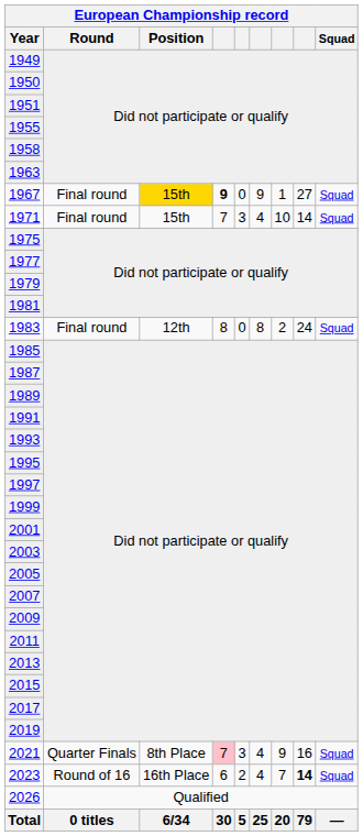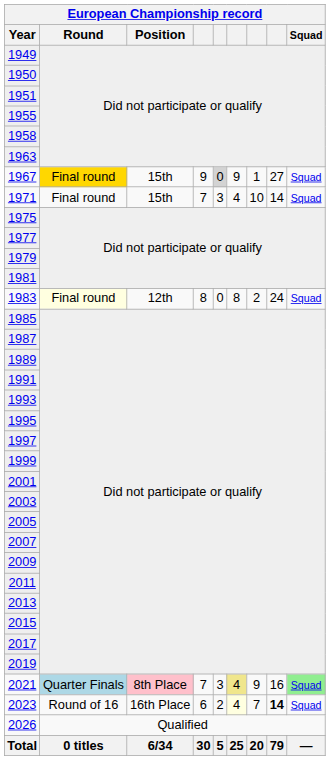 <table class="wikitable" style="text-align: center;">
 <tr>
 <th colspan=9><a href='#'>European Championship record</a></th>
 </tr>
 <tr>
 <th>Year</th>
 <th>Round</th>
 <th>Position</th>
 <th></th>
 <th></th>
 <th></th>
 <th></th>
 <th></th>
 <th><small>Squad</small></th>
 </tr>
 <tr bgcolor="efefef">
 <td> <a href='#'>1949</a></td>
 <td colspan=8 rowspan=6 align=center>Did not participate or qualify</td>
 </tr>
 <tr bgcolor="efefef">
 <td> <a href='#'>1950</a></td>
 </tr>
 <tr bgcolor="efefef">
 <td> <a href='#'>1951</a></td>
 </tr>
 <tr bgcolor="efefef">
 <td> <a href='#'>1955</a></td>
 </tr>
 <tr bgcolor="efefef">
 <td> <a href='#'>1958</a></td>
 </tr>
 <tr bgcolor="efefef">
 <td> <a href='#'>1963</a></td>
 </tr>
 <tr>
 <td> <a href='#'>1967</a></td>
-<td>Final round</td>
-<td style="background: gold;">15th</td>
-<td><strong>9</strong></td>
-<td>0</td>
+<td style="background: gold;">Final round</td>
+<td>15th</td>
+<td>9</td>
+<td style="background: lightgrey;">0</td>
 <td>9</td>
 <td>1</td>
 <td>27</td>
 <td><small><a href='#'>Squad</a></small></td>
 </tr>
 <tr>
 <td> <a href='#'>1971</a></td>
 <td>Final round</td>
 <td>15th</td>
 <td>7</td>
 <td>3</td>
 <td>4</td>
 <td>10</td>
 <td>14</td>
 <td><small><a href='#'>Squad</a></small></td>
 </tr>
 <tr bgcolor="efefef">
 <td> <a href='#'>1975</a></td>
 <td colspan=8 rowspan=4 align=center>Did not participate or qualify</td>
 </tr>
 <tr bgcolor="efefef">
 <td> <a href='#'>1977</a></td>
 </tr>
 <tr bgcolor="efefef">
 <td> <a href='#'>1979</a></td>
 </tr>
 <tr bgcolor="efefef">
 <td> <a href='#'>1981</a></td>
 </tr>
 <tr>
 <td> <a href='#'>1983</a></td>
-<td>Final round</td>
+<td style="background: lightyellow;">Final round</td>
 <td>12th</td>
 <td>8</td>
 <td>0</td>
 <td>8</td>
 <td>2</td>
 <td>24</td>
 <td><small><a href='#'>Squad</a></small></td>
 </tr>
 <tr bgcolor="efefef">
 <td> <a href='#'>1985</a></td>
 <td colspan=8 rowspan=18 align=center>Did not participate or qualify</td>
 </tr>
 <tr bgcolor="efefef">
 <td> <a href='#'>1987</a></td>
 </tr>
 <tr bgcolor="efefef">
 <td> <a href='#'>1989</a></td>
 </tr>
 <tr bgcolor="efefef">
 <td> <a href='#'>1991</a></td>
 </tr>
 <tr bgcolor="efefef">
 <td> <a href='#'>1993</a></td>
 </tr>
 <tr bgcolor="efefef">
 <td> <a href='#'>1995</a></td>
 </tr>
 <tr bgcolor="efefef">
 <td> <a href='#'>1997</a></td>
 </tr>
 <tr bgcolor="efefef">
 <td> <a href='#'>1999</a></td>
 </tr>
 <tr bgcolor="efefef">
 <td> <a href='#'>2001</a></td>
 </tr>
 <tr bgcolor="efefef">
 <td> <a href='#'>2003</a></td>
 </tr>
 <tr bgcolor="efefef">
 <td> <a href='#'>2005</a></td>
 </tr>
 <tr bgcolor="efefef">
 <td> <a href='#'>2007</a></td>
 </tr>
 <tr bgcolor="efefef">
 <td> <a href='#'>2009</a></td>
 </tr>
 <tr bgcolor="efefef">
 <td> <a href='#'>2011</a></td>
 </tr>
 <tr bgcolor="efefef">
 <td> <a href='#'>2013</a></td>
 </tr>
 <tr bgcolor="efefef">
 <td> <a href='#'>2015</a></td>
 </tr>
 <tr bgcolor="efefef">
 <td> <a href='#'>2017</a></td>
 </tr>
 <tr bgcolor="efefef">
 <td> <a href='#'>2019</a></td>
 </tr>
 <tr>
 <td> <a href='#'>2021</a></td>
-<td>Quarter Finals</td>
-<td>8th Place</td>
-<td style="background: pink;">7</td>
+<td style="background: lightblue;">Quarter Finals</td>
+<td style="background: pink;">8th Place</td>
+<td>7</td>
 <td>3</td>
-<td>4</td>
+<td style="background: khaki;">4</td>
 <td>9</td>
 <td>16</td>
-<td><small><a href='#'>Squad</a></small></td>
+<td style="background: lightgreen;"><small><a href='#'>Squad</a></small></td>
 </tr>
 <tr>
 <td> <a href='#'>2023</a></td>
 <td>Round of 16</td>
 <td>16th Place</td>
 <td>6</td>
 <td>2</td>
-<td>4</td>
+<td style="background: lightyellow;">4</td>
 <td>7</td>
 <td><strong>14</strong></td>
 <td><small><a href='#'>Squad</a></small></td>
 </tr>
 <tr>
 <td> <a href='#'>2026</a></td>
 <td colspan=8>Qualified</td>
 </tr>
 <tr>
 <th>Total</th>
 <th>0 titles</th>
 <th>6/34</th>
 <th>30</th>
 <th>5</th>
 <th>25</th>
 <th>20</th>
 <th>79</th>
 <th>—</th>
 </tr>
 </table>
